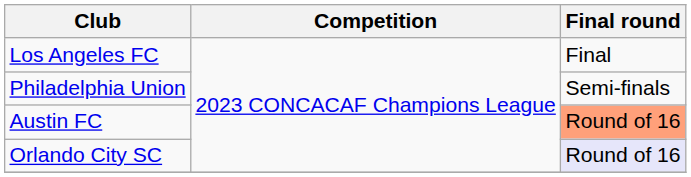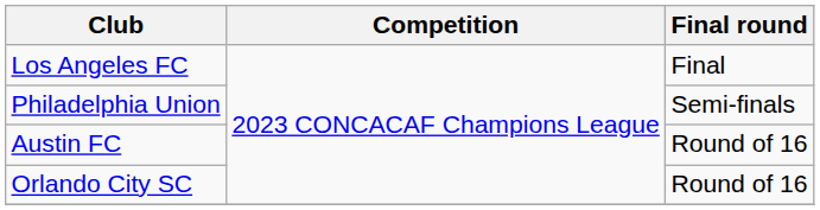 <table class="wikitable">
 <tr>
 <th>Club</th>
 <th>Competition</th>
 <th>Final round</th>
 </tr>
 <tr>
 <td><a href='#'>Los Angeles FC</a></td>
 <td rowspan=4><a href='#'>2023 CONCACAF Champions League</a></td>
 <td>Final</td>
 </tr>
 <tr>
 <td><a href='#'>Philadelphia Union</a></td>
 <td>Semi-finals</td>
 </tr>
 <tr>
 <td><a href='#'>Austin FC</a></td>
-<td style="background: lightsalmon;">Round of 16</td>
+<td>Round of 16</td>
 </tr>
 <tr>
 <td><a href='#'>Orlando City SC</a></td>
-<td style="background: lavender;">Round of 16</td>
+<td>Round of 16</td>
 </tr>
 <tr>
 </tr>
 </table>
